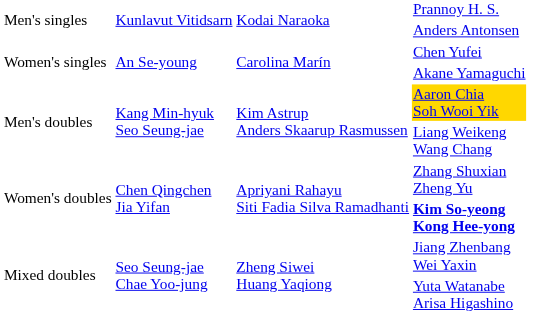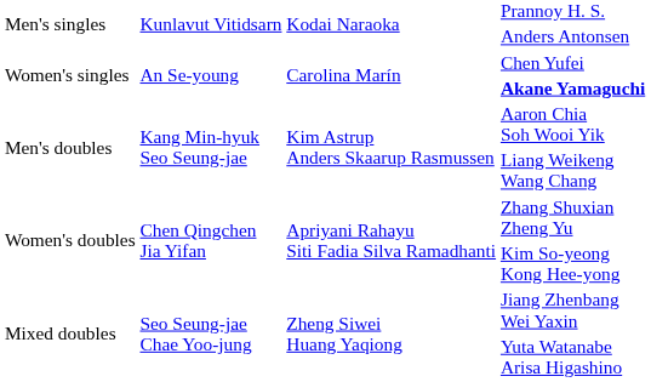 <table>
 <tr>
 <td rowspan="2">Men's singles<br></td>
 <td rowspan="2"> <a href='#'>Kunlavut Vitidsarn</a></td>
 <td rowspan="2"> <a href='#'>Kodai Naraoka</a></td>
 <td> <a href='#'>Prannoy H. S.</a></td>
 </tr>
 <tr>
 <td> <a href='#'>Anders Antonsen</a></td>
 </tr>
 <tr>
 <td rowspan="2">Women's singles<br></td>
 <td rowspan="2"> <a href='#'>An Se-young</a></td>
 <td rowspan="2"> <a href='#'>Carolina Marín</a></td>
 <td> <a href='#'>Chen Yufei</a></td>
 </tr>
 <tr>
-<td> <a href='#'>Akane Yamaguchi</a></td>
+<td><strong> <a href='#'>Akane Yamaguchi</a></strong></td>
 </tr>
 <tr>
 <td rowspan="2">Men's doubles<br></td>
 <td rowspan="2"> <a href='#'>Kang Min-hyuk</a> <br> <a href='#'>Seo Seung-jae</a></td>
 <td rowspan="2"> <a href='#'>Kim Astrup</a> <br> <a href='#'>Anders Skaarup Rasmussen</a></td>
-<td style="background: gold;"> <a href='#'>Aaron Chia</a><br> <a href='#'>Soh Wooi Yik</a></td>
+<td> <a href='#'>Aaron Chia</a><br> <a href='#'>Soh Wooi Yik</a></td>
 </tr>
 <tr>
 <td> <a href='#'>Liang Weikeng</a> <br> <a href='#'>Wang Chang</a></td>
 </tr>
 <tr>
 <td rowspan="2">Women's doubles<br></td>
 <td rowspan="2"> <a href='#'>Chen Qingchen</a> <br> <a href='#'>Jia Yifan</a></td>
 <td rowspan="2"> <a href='#'>Apriyani Rahayu</a> <br> <a href='#'>Siti Fadia Silva Ramadhanti</a></td>
 <td> <a href='#'>Zhang Shuxian</a><br> <a href='#'>Zheng Yu</a></td>
 </tr>
 <tr>
-<td><strong> <a href='#'>Kim So-yeong</a><br> <a href='#'>Kong Hee-yong</a></strong></td>
+<td> <a href='#'>Kim So-yeong</a><br> <a href='#'>Kong Hee-yong</a></td>
 </tr>
 <tr>
 <td rowspan="2">Mixed doubles<br></td>
 <td rowspan="2"> <a href='#'>Seo Seung-jae</a> <br> <a href='#'>Chae Yoo-jung</a></td>
 <td rowspan="2"> <a href='#'>Zheng Siwei</a> <br> <a href='#'>Huang Yaqiong</a></td>
 <td> <a href='#'>Jiang Zhenbang</a> <br> <a href='#'>Wei Yaxin</a></td>
 </tr>
 <tr>
 <td> <a href='#'>Yuta Watanabe</a><br> <a href='#'>Arisa Higashino</a></td>
 </tr>
 </table>
